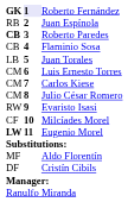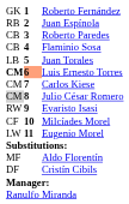 <table style="font-size:90%; margin:0.2em auto;" cellspacing="0" cellpadding="0">
 <tr>
 <th width="25"></th>
 <th width="25"></th>
 </tr>
 <tr>
-<td><strong>GK</strong></td>
-<td style="background: lavender;"><strong>1</strong></td>
+<td>GK</td>
+<td><strong>1</strong></td>
 <td><a href='#'>Roberto Fernández</a></td>
 </tr>
 <tr>
 <td>RB</td>
 <td><strong>2</strong></td>
 <td><a href='#'>Juan Espínola</a></td>
 </tr>
 <tr>
-<td><strong>CB</strong></td>
+<td>CB</td>
 <td><strong>3</strong></td>
 <td><a href='#'>Roberto Paredes </a></td>
 <td></td>
 <td></td>
 </tr>
 <tr>
 <td>CB</td>
 <td><strong>4</strong></td>
 <td><a href='#'>Flaminio Sosa</a></td>
 </tr>
 <tr>
 <td>LB</td>
 <td><strong>5</strong></td>
 <td><a href='#'>Juan Torales</a></td>
 </tr>
 <tr>
-<td>CM</td>
-<td><strong>6</strong></td>
+<td><strong>CM</strong></td>
+<td style="background: lightsalmon;"><strong>6</strong></td>
 <td><a href='#'>Luis Ernesto Torres</a></td>
 <td></td>
 <td></td>
 </tr>
 <tr>
 <td>CM</td>
 <td><strong>7</strong></td>
 <td><a href='#'>Carlos Kiese</a></td>
 </tr>
 <tr>
-<td>CM</td>
+<td style="background: lightgrey;">CM</td>
 <td><strong>8</strong></td>
 <td><a href='#'>Julio César Romero</a></td>
 </tr>
 <tr>
 <td>RW</td>
 <td><strong>9</strong></td>
 <td><a href='#'>Evaristo Isasi</a></td>
 </tr>
 <tr>
 <td>CF</td>
 <td><strong>10</strong></td>
 <td><a href='#'>Milcíades Morel</a></td>
 </tr>
 <tr>
-<td><strong>LW</strong></td>
+<td>LW</td>
 <td><strong>11</strong></td>
 <td><a href='#'>Eugenio Morel</a></td>
 </tr>
 <tr>
 <td colspan=3><strong>Substitutions:</strong></td>
 </tr>
 <tr>
 <td>MF</td>
 <td></td>
 <td><a href='#'>Aldo Florentín</a></td>
 <td></td>
 <td></td>
 </tr>
 <tr>
 <td>DF</td>
 <td></td>
 <td><a href='#'>Cristín Cibils</a></td>
 <td></td>
 <td></td>
 </tr>
 <tr>
 <td colspan=3><strong>Manager:</strong></td>
 </tr>
 <tr>
 <td colspan=3><a href='#'>Ranulfo Miranda</a></td>
 </tr>
 </table>
